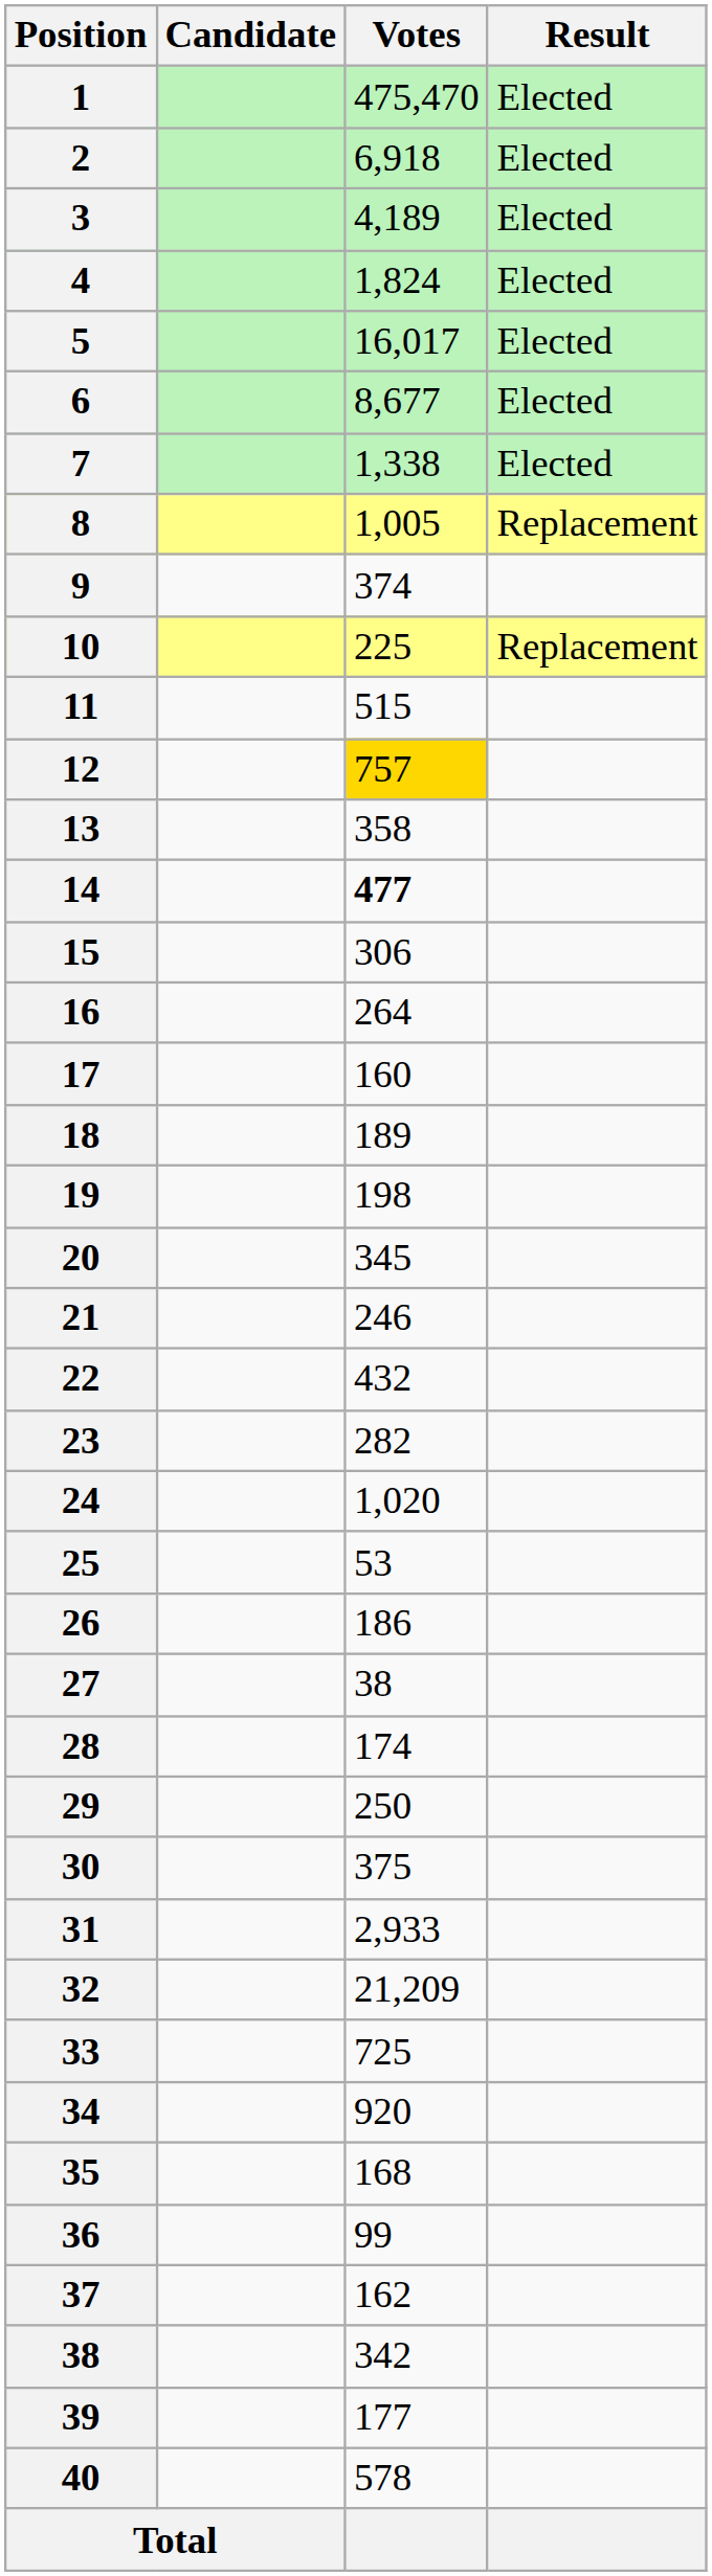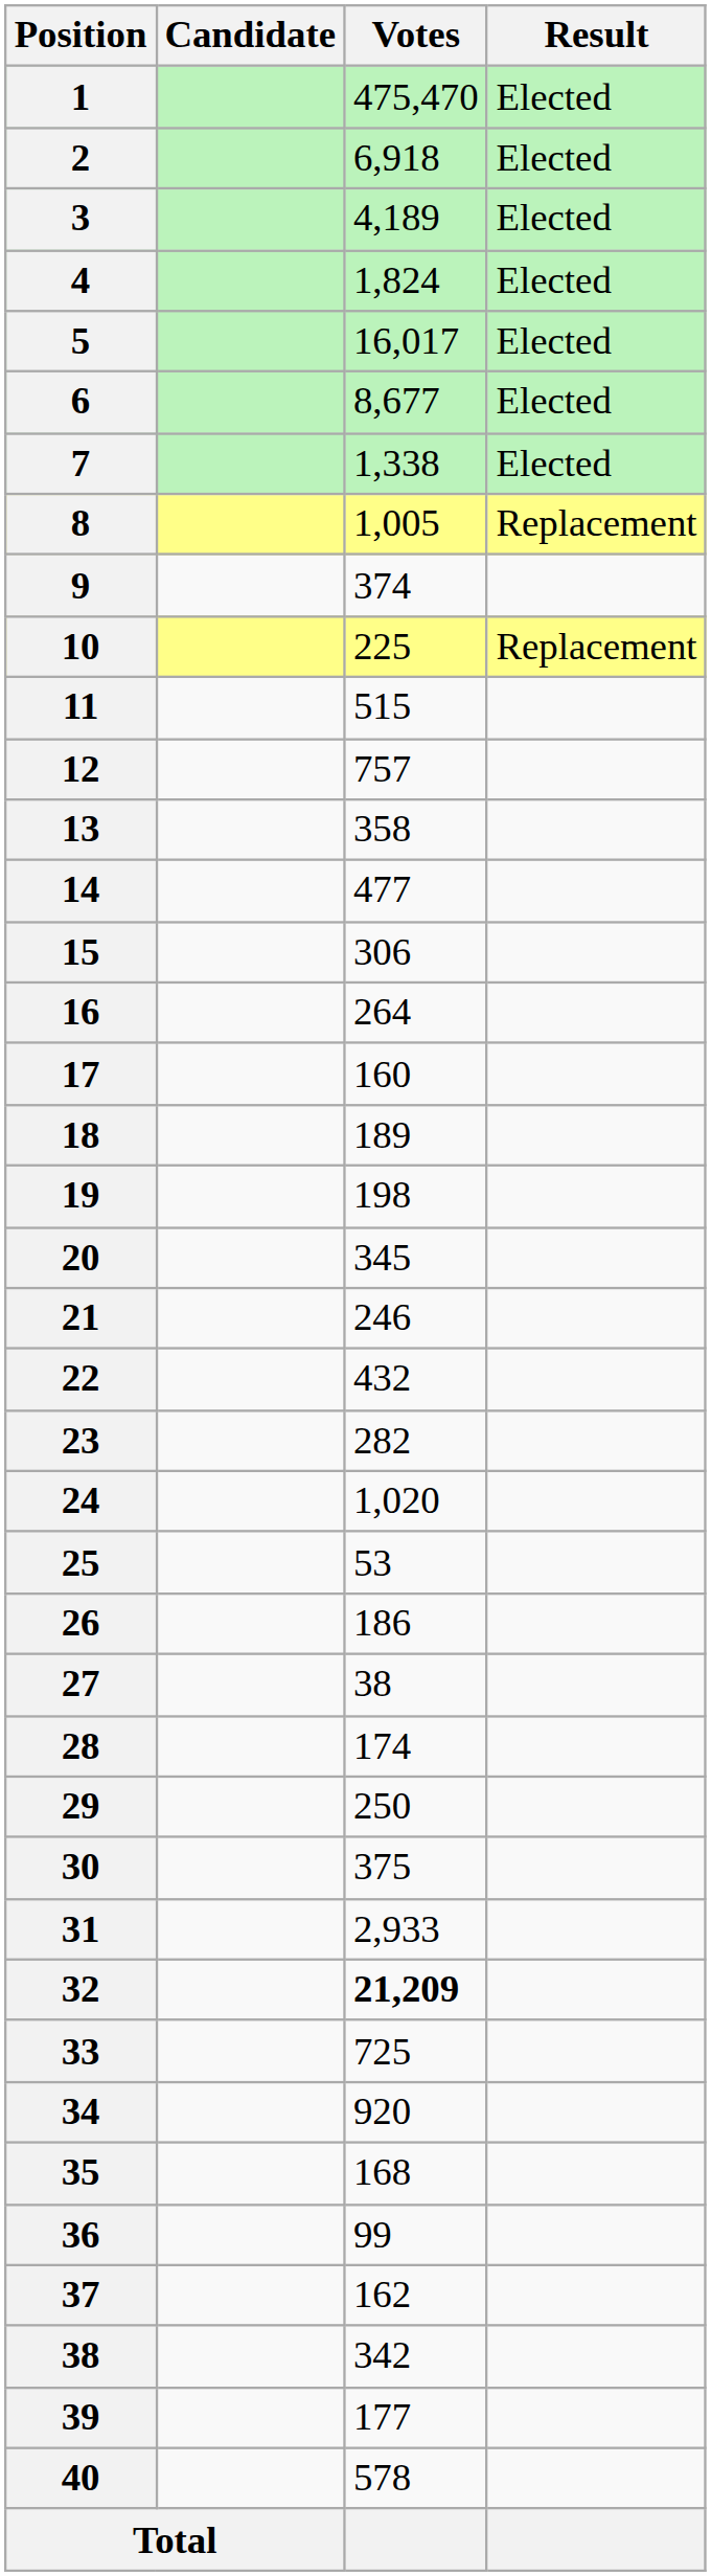 <table class="wikitable sortable col3right">
 <tr>
 <th scope="col">Position</th>
 <th scope="col">Candidate</th>
 <th scope="col">Votes</th>
 <th scope="col">Result</th>
 </tr>
 <tr bgcolor=bbf3bb>
 <th scope="row">1</th>
 <td></td>
 <td>475,470</td>
 <td>Elected</td>
 </tr>
 <tr bgcolor=bbf3bb>
 <th scope="row">2</th>
 <td></td>
 <td>6,918</td>
 <td>Elected</td>
 </tr>
 <tr bgcolor=bbf3bb>
 <th scope="row">3</th>
 <td></td>
 <td>4,189</td>
 <td>Elected</td>
 </tr>
 <tr bgcolor=bbf3bb>
 <th scope="row">4</th>
 <td></td>
 <td>1,824</td>
 <td>Elected</td>
 </tr>
 <tr bgcolor=bbf3bb>
 <th scope="row">5</th>
 <td></td>
 <td>16,017</td>
 <td>Elected</td>
 </tr>
 <tr bgcolor=bbf3bb>
 <th scope="row">6</th>
 <td></td>
 <td>8,677</td>
 <td>Elected</td>
 </tr>
 <tr bgcolor=bbf3bb>
 <th scope="row">7</th>
 <td></td>
 <td>1,338</td>
 <td>Elected</td>
 </tr>
 <tr bgcolor=#FF8>
 <th scope="row">8</th>
 <td></td>
 <td>1,005</td>
 <td>Replacement</td>
 </tr>
 <tr>
 <th scope="row">9</th>
 <td></td>
 <td>374</td>
 <td></td>
 </tr>
 <tr bgcolor=#FF8>
 <th scope="row">10</th>
 <td></td>
 <td>225</td>
 <td>Replacement</td>
 </tr>
 <tr>
 <th scope="row">11</th>
 <td></td>
 <td>515</td>
 <td></td>
 </tr>
 <tr>
 <th scope="row">12</th>
 <td></td>
-<td style="background: gold;">757</td>
+<td>757</td>
 <td></td>
 </tr>
 <tr>
 <th scope="row">13</th>
 <td></td>
 <td>358</td>
 <td></td>
 </tr>
 <tr>
 <th scope="row">14</th>
 <td></td>
-<td><strong>477</strong></td>
+<td>477</td>
 <td></td>
 </tr>
 <tr>
 <th scope="row">15</th>
 <td></td>
 <td>306</td>
 <td></td>
 </tr>
 <tr>
 <th scope="row">16</th>
 <td></td>
 <td>264</td>
 <td></td>
 </tr>
 <tr>
 <th scope="row">17</th>
 <td></td>
 <td>160</td>
 <td></td>
 </tr>
 <tr>
 <th scope="row">18</th>
 <td></td>
 <td>189</td>
 <td></td>
 </tr>
 <tr>
 <th scope="row">19</th>
 <td></td>
 <td>198</td>
 <td></td>
 </tr>
 <tr>
 <th scope="row">20</th>
 <td></td>
 <td>345</td>
 <td></td>
 </tr>
 <tr>
 <th scope="row">21</th>
 <td></td>
 <td>246</td>
 <td></td>
 </tr>
 <tr>
 <th scope="row">22</th>
 <td></td>
 <td>432</td>
 <td></td>
 </tr>
 <tr>
 <th scope="row">23</th>
 <td></td>
 <td>282</td>
 <td></td>
 </tr>
 <tr>
 <th scope="row">24</th>
 <td></td>
 <td>1,020</td>
 <td></td>
 </tr>
 <tr>
 <th scope="row">25</th>
 <td></td>
 <td>53</td>
 <td></td>
 </tr>
 <tr>
 <th scope="row">26</th>
 <td></td>
 <td>186</td>
 <td></td>
 </tr>
 <tr>
 <th scope="row">27</th>
 <td></td>
 <td>38</td>
 <td></td>
 </tr>
 <tr>
 <th scope="row">28</th>
 <td></td>
 <td>174</td>
 <td></td>
 </tr>
 <tr>
 <th scope="row">29</th>
 <td></td>
 <td>250</td>
 <td></td>
 </tr>
 <tr>
 <th scope="row">30</th>
 <td></td>
 <td>375</td>
 <td></td>
 </tr>
 <tr>
 <th scope="row">31</th>
 <td></td>
 <td>2,933</td>
 <td></td>
 </tr>
 <tr>
 <th scope="row">32</th>
 <td></td>
-<td>21,209</td>
+<td><strong>21,209</strong></td>
 <td></td>
 </tr>
 <tr>
 <th scope="row">33</th>
 <td></td>
 <td>725</td>
 <td></td>
 </tr>
 <tr>
 <th scope="row">34</th>
 <td></td>
 <td>920</td>
 <td></td>
 </tr>
 <tr>
 <th scope="row">35</th>
 <td></td>
 <td>168</td>
 <td></td>
 </tr>
 <tr>
 <th scope="row">36</th>
 <td></td>
 <td>99</td>
 <td></td>
 </tr>
 <tr>
 <th scope="row">37</th>
 <td></td>
 <td>162</td>
 <td></td>
 </tr>
 <tr>
 <th scope="row">38</th>
 <td></td>
 <td>342</td>
 <td></td>
 </tr>
 <tr>
 <th scope="row">39</th>
 <td></td>
 <td>177</td>
 <td></td>
 </tr>
 <tr>
 <th scope="row">40</th>
 <td></td>
 <td>578</td>
 <td></td>
 </tr>
 <tr class="sortbottom">
 <th scope="row" colspan="2">Total</th>
 <th></th>
 <th></th>
 </tr>
 </table>
